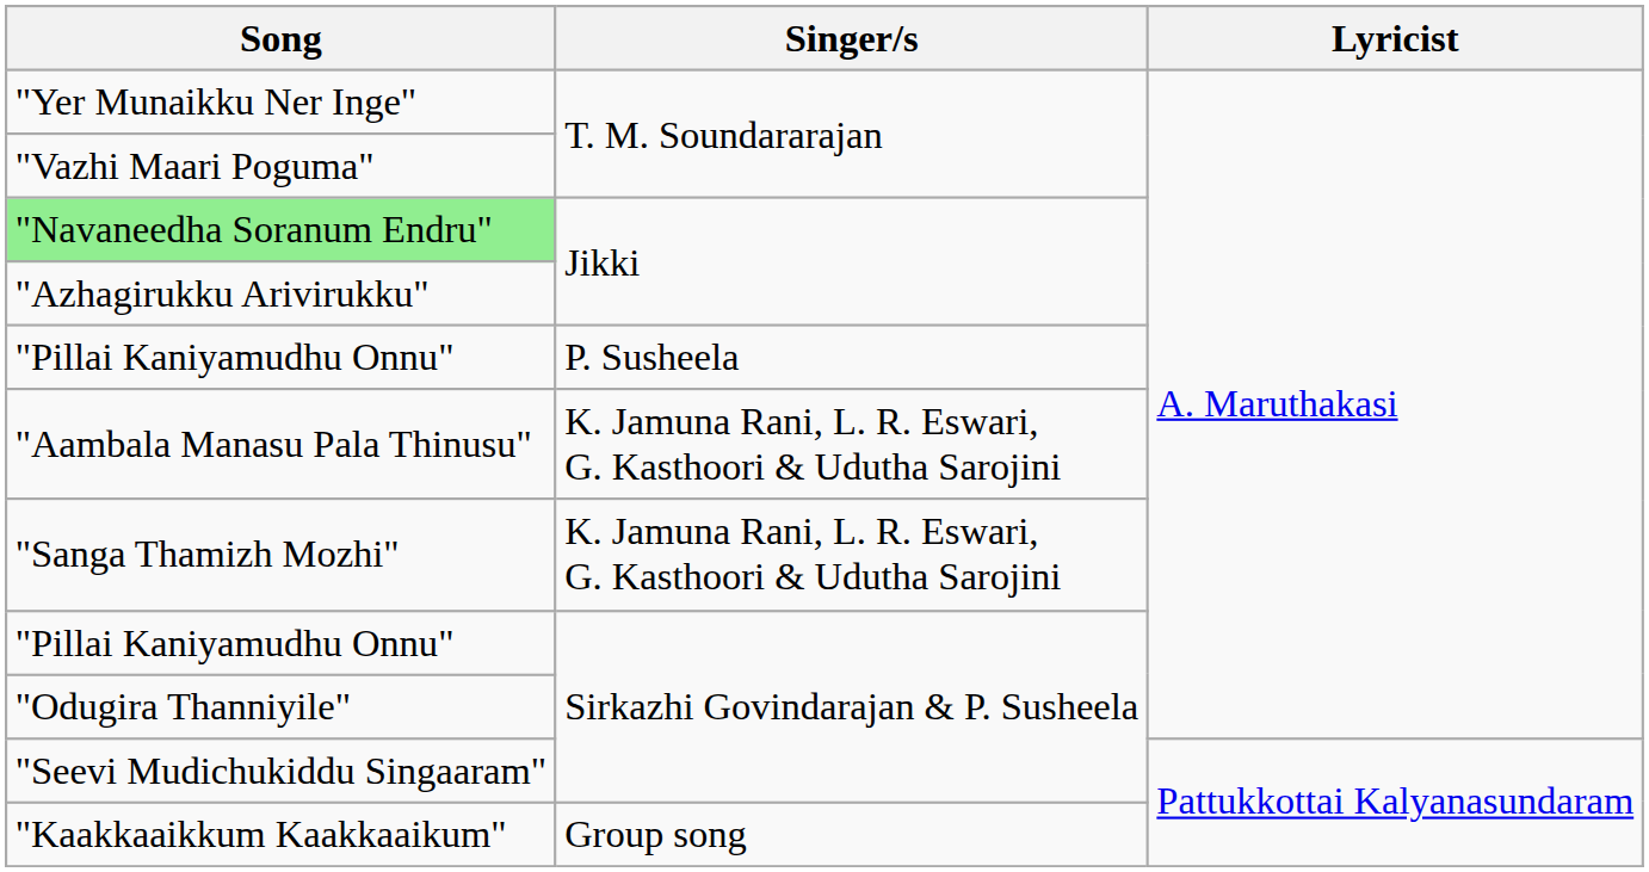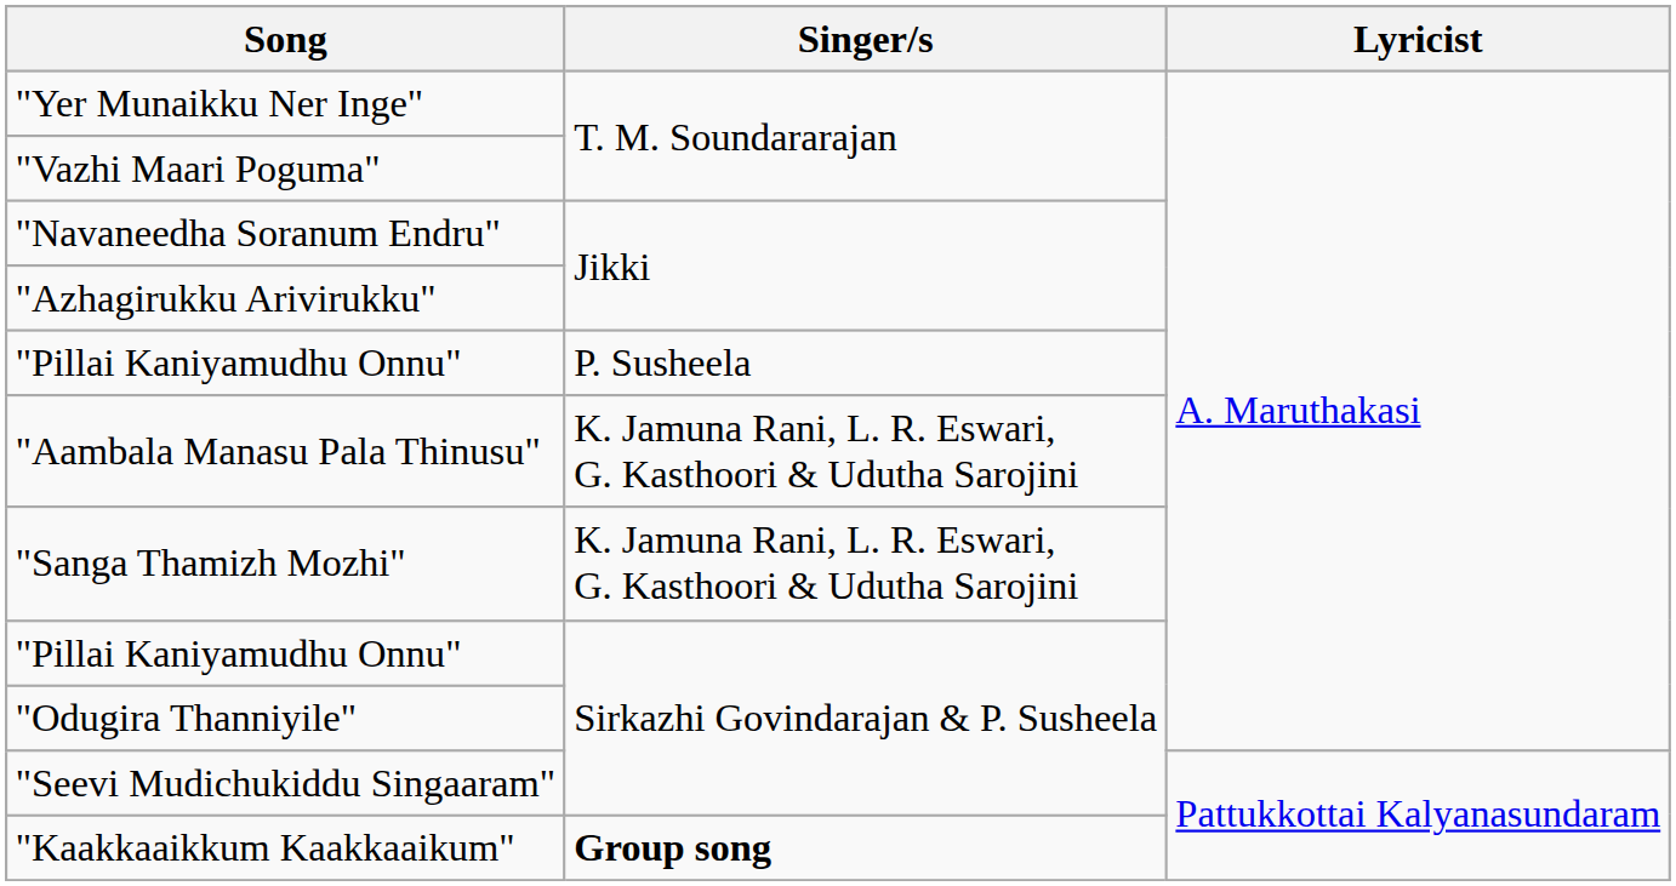 <table class="wikitable" style="font-size:95%;">
 <tr>
 <th>Song</th>
 <th>Singer/s</th>
 <th>Lyricist</th>
 </tr>
 <tr>
 <td>"Yer Munaikku Ner Inge"</td>
 <td rowspan=2>T. M. Soundararajan</td>
 <td rowspan=9><a href='#'>A. Maruthakasi</a></td>
 </tr>
 <tr>
 <td>"Vazhi Maari Poguma"</td>
 </tr>
 <tr>
-<td style="background: lightgreen;">"Navaneedha Soranum Endru"</td>
+<td>"Navaneedha Soranum Endru"</td>
 <td rowspan=2>Jikki</td>
 </tr>
 <tr>
 <td>"Azhagirukku Arivirukku"</td>
 </tr>
 <tr>
 <td>"Pillai Kaniyamudhu Onnu"</td>
 <td>P. Susheela</td>
 </tr>
 <tr>
 <td>"Aambala Manasu Pala Thinusu"</td>
 <td>K. Jamuna Rani, L. R. Eswari,<br>G. Kasthoori & Udutha Sarojini</td>
 </tr>
 <tr>
 <td>"Sanga Thamizh Mozhi"</td>
 <td>K. Jamuna Rani, L. R. Eswari,<br>G. Kasthoori & Udutha Sarojini</td>
 </tr>
 <tr>
 <td>"Pillai Kaniyamudhu Onnu"</td>
 <td rowspan=3>Sirkazhi Govindarajan & P. Susheela</td>
 </tr>
 <tr>
 <td>"Odugira Thanniyile"</td>
 </tr>
 <tr>
 <td>"Seevi Mudichukiddu Singaaram"</td>
 <td rowspan=2><a href='#'>Pattukkottai Kalyanasundaram</a></td>
 </tr>
 <tr>
 <td>"Kaakkaaikkum Kaakkaaikum"</td>
-<td>Group song</td>
+<td><strong>Group song</strong></td>
 </tr>
 </table>
